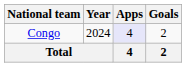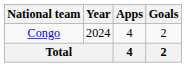 <table class="wikitable" style="text-align: center;">
 <tr>
 <th>National team</th>
 <th>Year</th>
 <th>Apps</th>
 <th>Goals</th>
 </tr>
 <tr>
 <td><a href='#'>Congo</a></td>
 <td>2024</td>
-<td style="background: lavender;">4</td>
+<td>4</td>
 <td>2</td>
 </tr>
 <tr>
 <th colspan="2">Total</th>
 <th>4</th>
 <th>2</th>
 </tr>
 </table>
